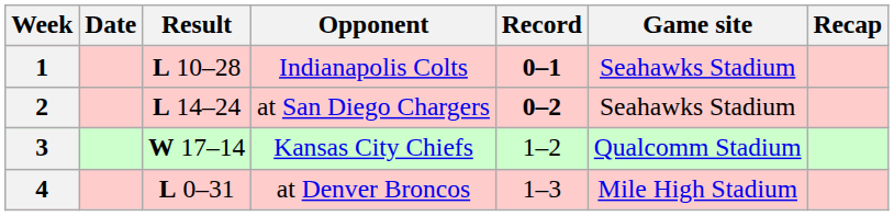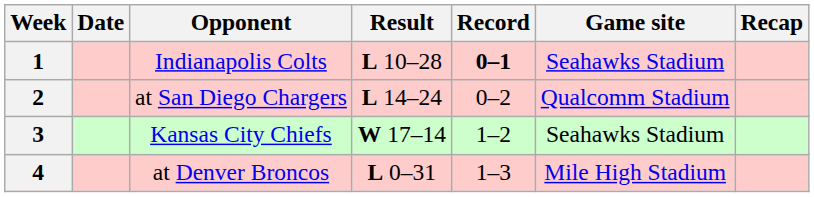 <table class="wikitable" style="text-align:center">
 <tr>
 <th>Week</th>
 <th>Date</th>
+<th>Opponent</th>
 <th>Result</th>
-<th>Opponent</th>
 <th>Record</th>
 <th>Game site</th>
 <th>Recap</th>
 </tr>
 <tr style="background:#fcc">
 <th>1</th>
 <td></td>
+<td><a href='#'>Indianapolis Colts</a></td>
 <td><strong>L</strong> 10–28</td>
-<td><a href='#'>Indianapolis Colts</a></td>
 <td><strong>0–1</strong></td>
 <td><a href='#'>Seahawks Stadium</a></td>
 <td></td>
 </tr>
 <tr style="background:#fcc">
 <th>2</th>
 <td></td>
+<td>at <a href='#'>San Diego Chargers</a></td>
 <td><strong>L</strong> 14–24</td>
-<td>at <a href='#'>San Diego Chargers</a></td>
-<td><strong>0–2</strong></td>
-<td>Seahawks Stadium</td>
+<td>0–2</td>
+<td><a href='#'>Qualcomm Stadium</a></td>
 <td></td>
 </tr>
 <tr style="background:#cfc">
 <th>3</th>
 <td></td>
+<td><a href='#'>Kansas City Chiefs</a></td>
 <td><strong>W</strong> 17–14</td>
-<td><a href='#'>Kansas City Chiefs</a></td>
 <td>1–2</td>
-<td><a href='#'>Qualcomm Stadium</a></td>
+<td>Seahawks Stadium</td>
 <td></td>
 </tr>
 <tr style="background:#fcc">
 <th>4</th>
 <td></td>
+<td>at <a href='#'>Denver Broncos</a></td>
 <td><strong>L</strong> 0–31</td>
-<td>at <a href='#'>Denver Broncos</a></td>
 <td>1–3</td>
 <td><a href='#'>Mile High Stadium</a></td>
 <td></td>
 </tr>
 </table>
